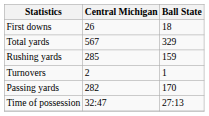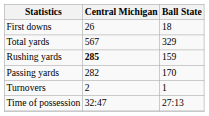 <table class="wikitable">
 <tr>
 <th>Statistics</th>
 <th>Central Michigan</th>
 <th>Ball State</th>
 </tr>
 <tr>
 <td>First downs</td>
 <td>26</td>
 <td>18</td>
 </tr>
 <tr>
 <td>Total yards</td>
 <td>567</td>
 <td>329</td>
 </tr>
 <tr>
 <td>Rushing yards</td>
-<td>285</td>
+<td><strong>285</strong></td>
 <td>159</td>
+</tr>
+<tr>
+<td>Passing yards</td>
+<td>282</td>
+<td>170</td>
 </tr>
 <tr>
 <td>Turnovers</td>
 <td>2</td>
 <td>1</td>
-</tr>
-<tr>
-<td>Passing yards</td>
-<td>282</td>
-<td>170</td>
 </tr>
 <tr>
 <td>Time of possession</td>
 <td>32:47</td>
 <td>27:13</td>
 </tr>
 <tr>
 </tr>
 </table>
